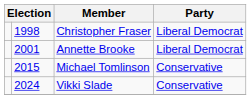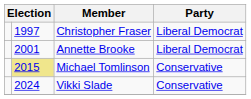 <table class="wikitable">
 <tr>
 <th colspan=2>Election</th>
 <th>Member</th>
 <th>Party</th>
 </tr>
 <tr>
 <td style="color:inherit;background-color: "></td>
-<td><a href='#'>1998</a></td>
+<td><a href='#'>1997</a></td>
 <td><a href='#'>Christopher Fraser</a></td>
 <td><a href='#'>Liberal Democrat</a></td>
 </tr>
 <tr>
 <td style="color:inherit;background-color: "></td>
 <td><a href='#'>2001</a></td>
 <td><a href='#'>Annette Brooke</a></td>
 <td><a href='#'>Liberal Democrat</a></td>
 </tr>
 <tr>
 <td style="color:inherit;background-color: "></td>
-<td><a href='#'>2015</a></td>
+<td style="background: khaki;"><a href='#'>2015</a></td>
 <td><a href='#'>Michael Tomlinson</a></td>
 <td><a href='#'>Conservative</a></td>
 </tr>
 <tr>
 <td style="color:inherit;background-color: "></td>
 <td><a href='#'>2024</a></td>
 <td><a href='#'>Vikki Slade</a></td>
 <td><a href='#'>Conservative</a></td>
 </tr>
 <tr>
 </tr>
 </table>
